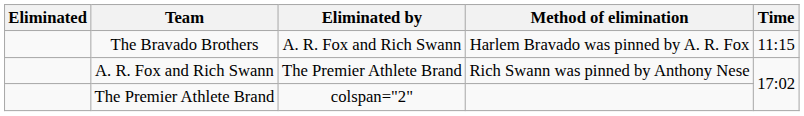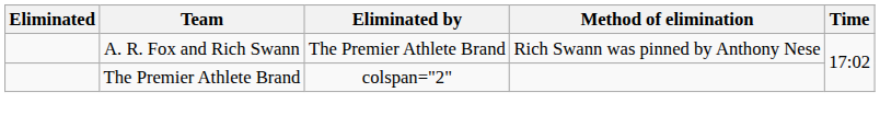 <table class="wikitable sortable" style="text-align:center;">
 <tr>
 <th>Eliminated</th>
 <th>Team</th>
 <th>Eliminated by</th>
 <th>Method of elimination</th>
 <th>Time</th>
-</tr>
-<tr>
-<td></td>
-<td>The Bravado Brothers</td>
-<td>A. R. Fox and Rich Swann</td>
-<td>Harlem Bravado was pinned by A. R. Fox</td>
-<td>11:15</td>
 </tr>
 <tr>
 <td></td>
 <td>A. R. Fox and Rich Swann</td>
 <td>The Premier Athlete Brand</td>
 <td>Rich Swann was pinned by Anthony Nese</td>
 <td rowspan="2">17:02</td>
 </tr>
 <tr>
 <td></td>
 <td>The Premier Athlete Brand</td>
 <td>colspan="2" </td>
 </tr>
 </table>
